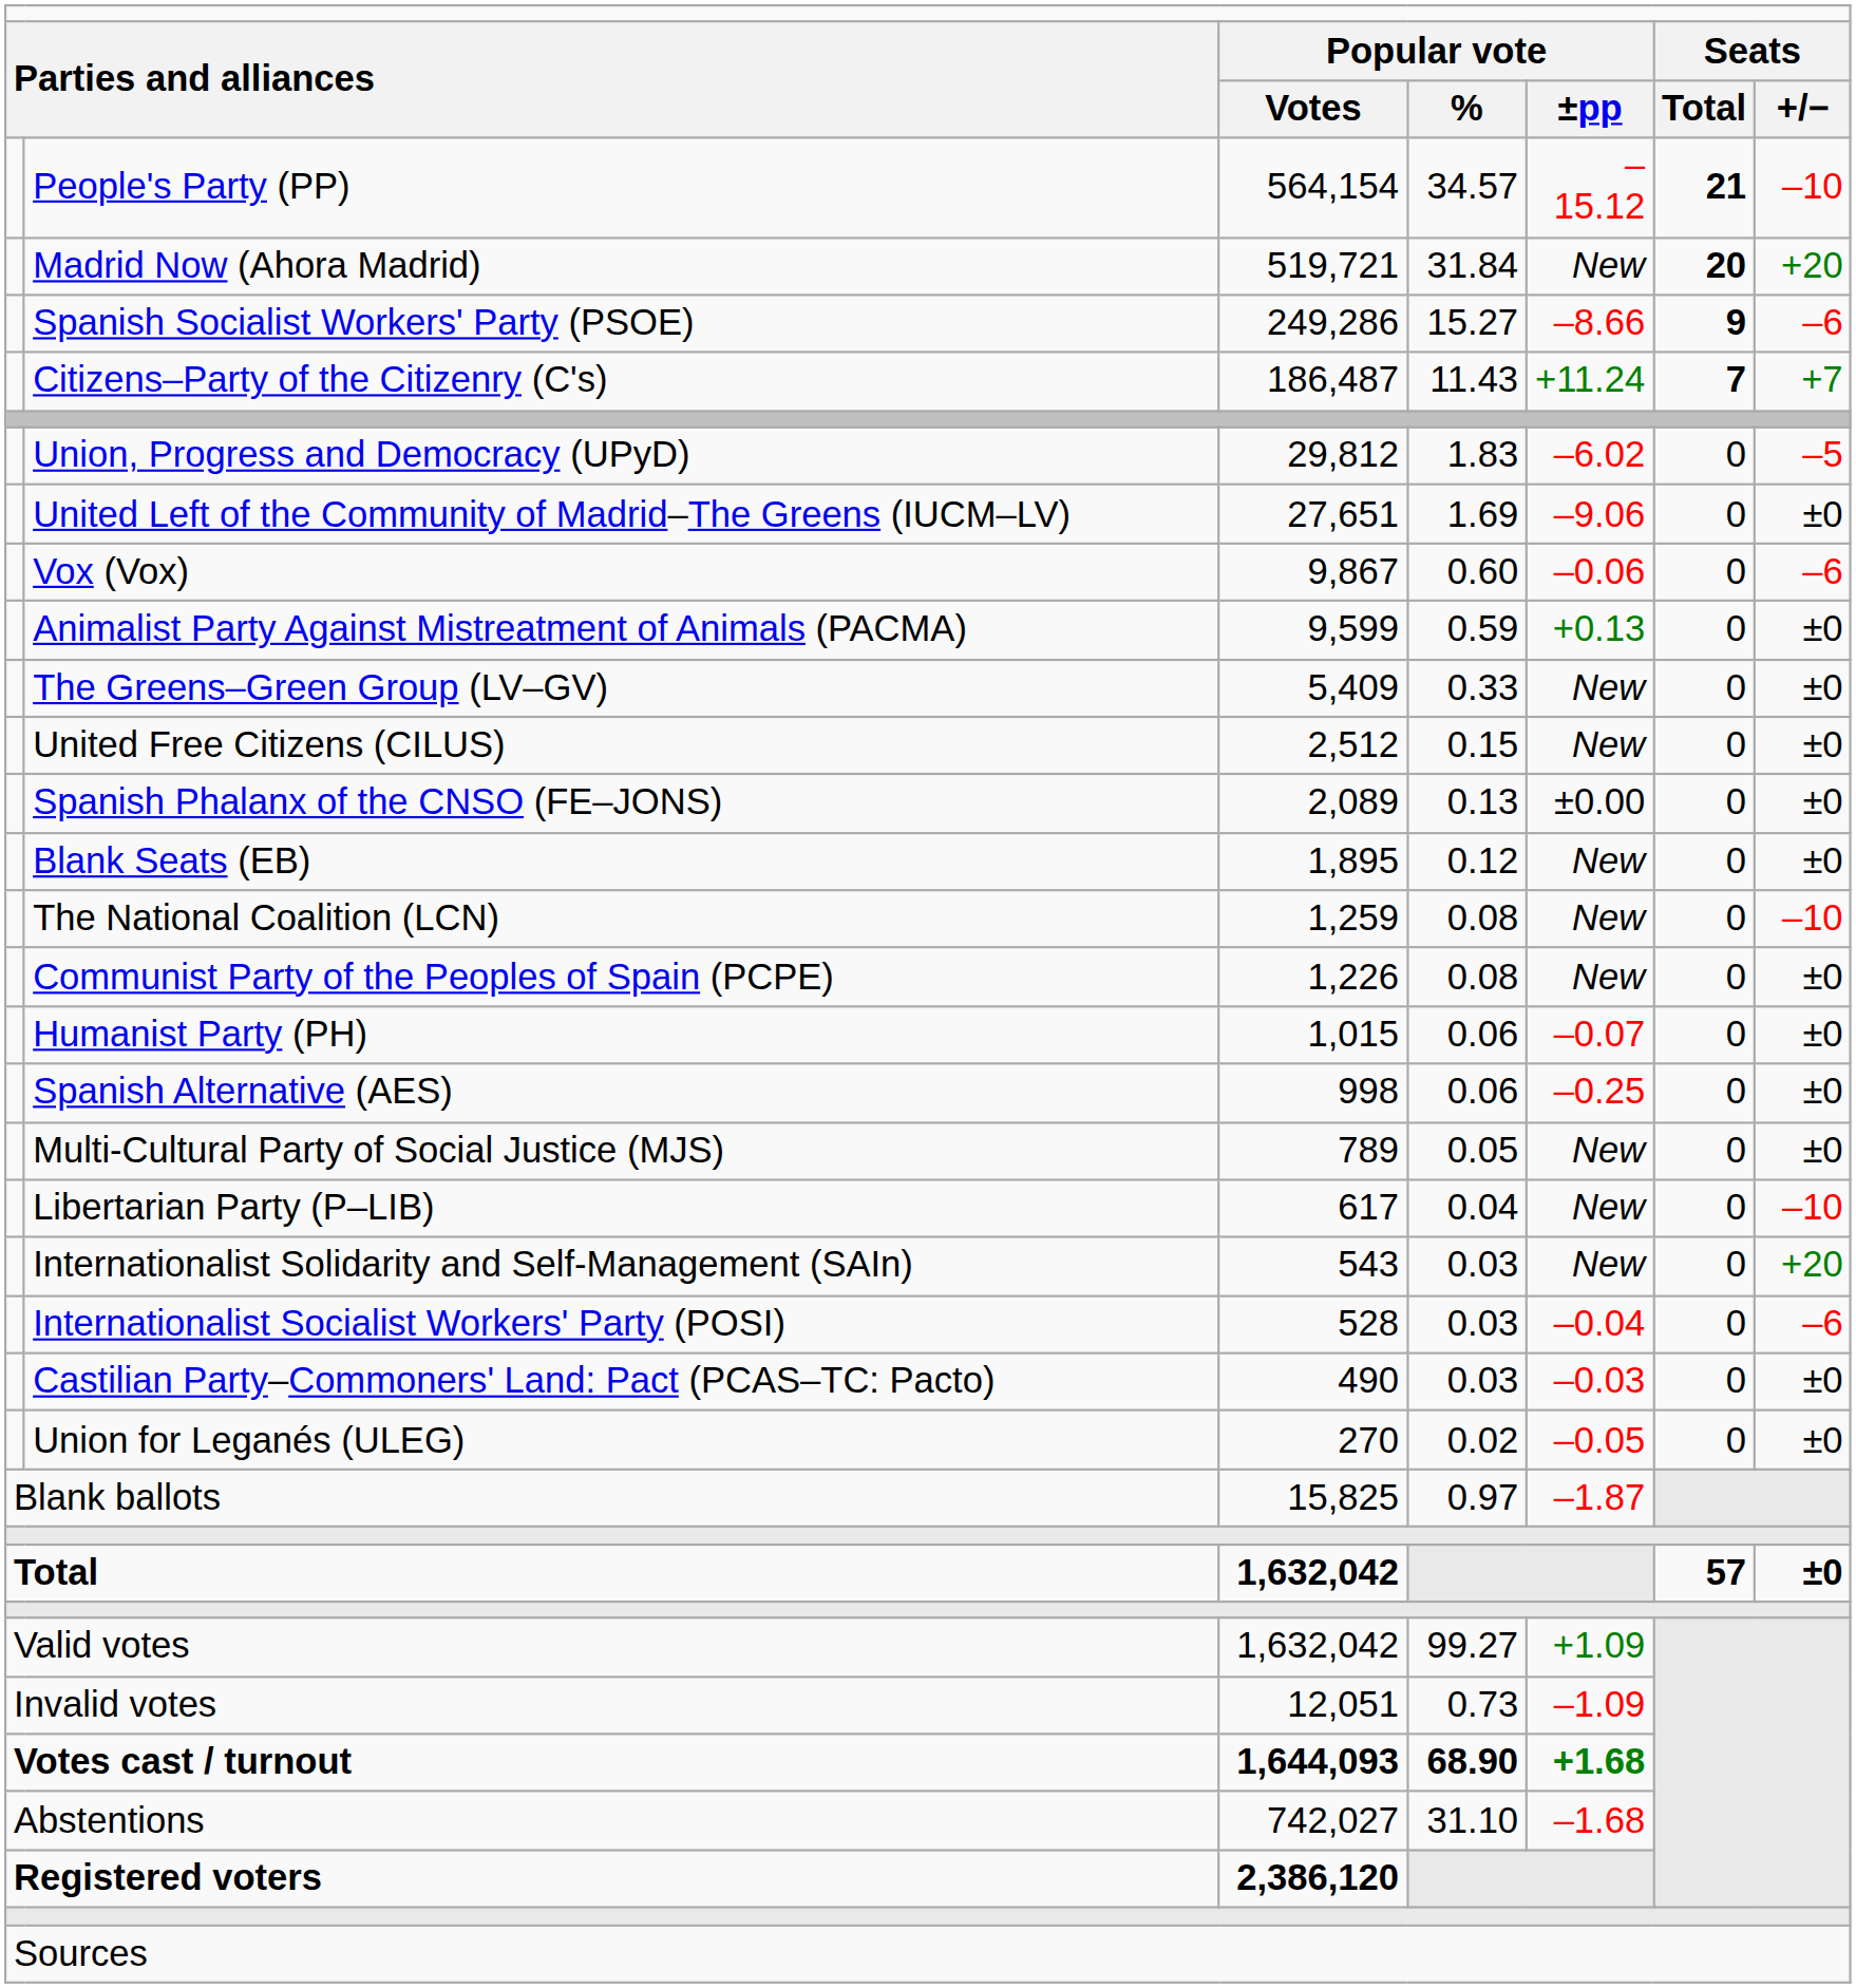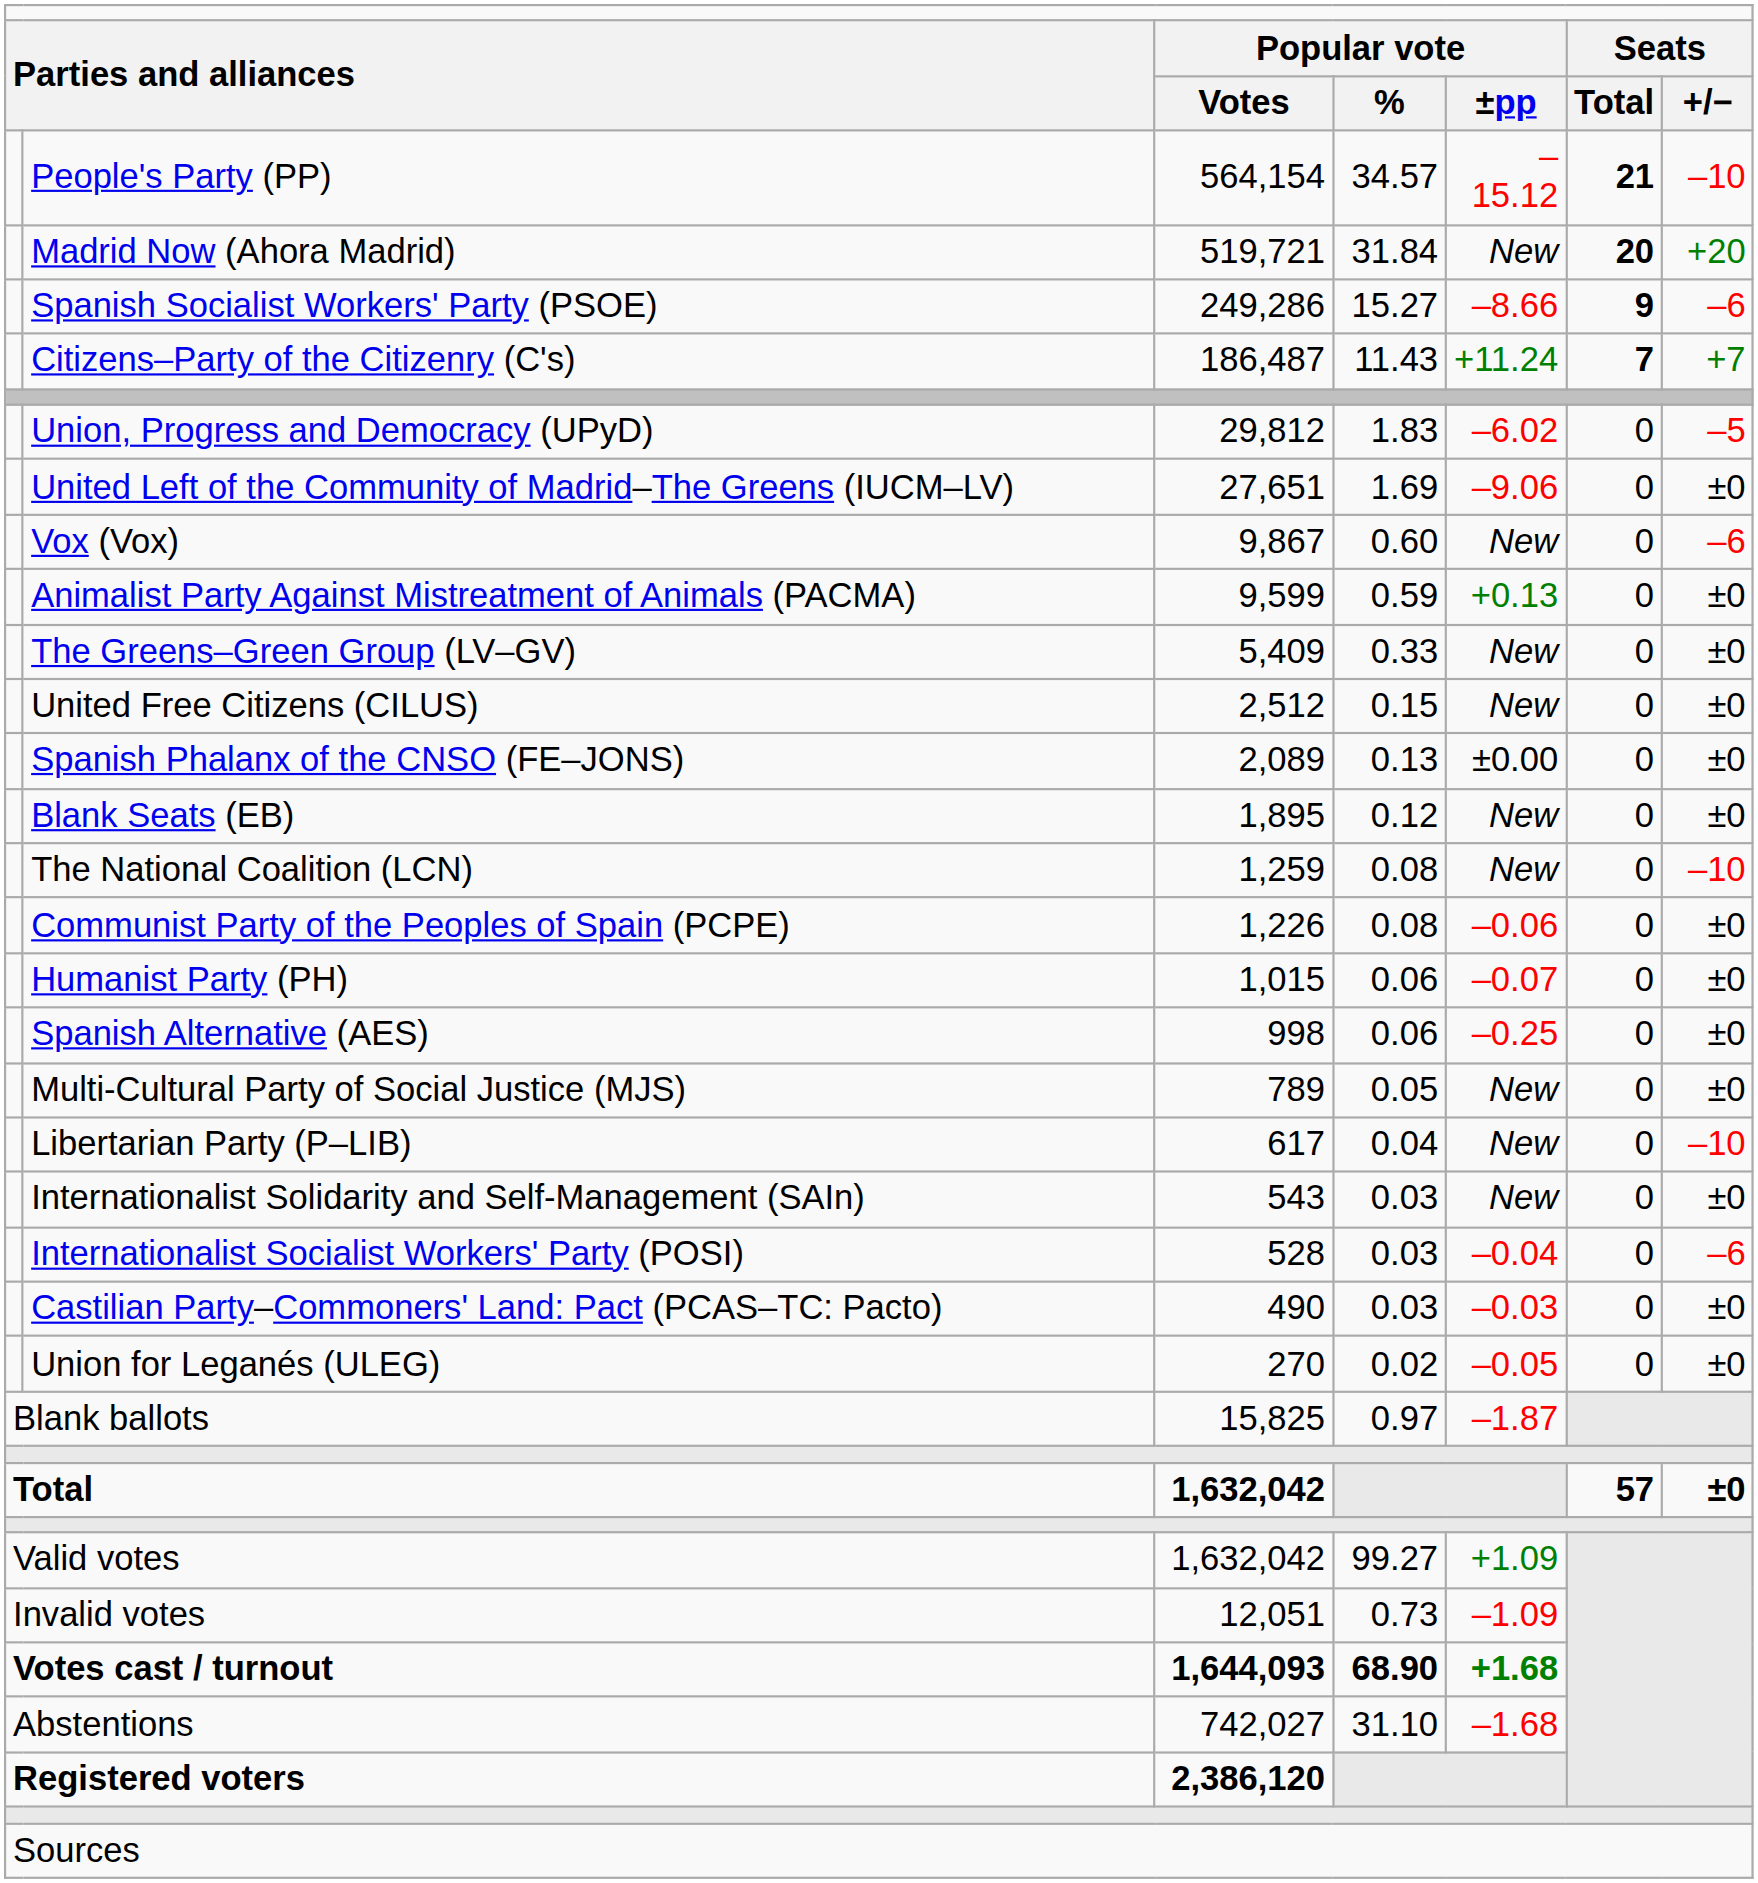 <table class="wikitable" style="text-align:right;">
 <tr>
 <td colspan="7"></td>
 </tr>
 <tr>
 <th style="text-align:left;" rowspan="2" colspan="2" width="525">Parties and alliances</th>
 <th colspan="3">Popular vote</th>
 <th colspan="2">Seats</th>
 </tr>
 <tr>
 <th width="75">Votes</th>
 <th width="45">%</th>
 <th width="45">±<a href='#'>pp</a></th>
 <th width="35">Total</th>
 <th width="35">+/−</th>
 </tr>
 <tr>
 <td width="1" style="color:inherit;background:"></td>
 <td align="left"><a href='#'>People's Party</a> (PP)</td>
 <td>564,154</td>
 <td>34.57</td>
 <td style="color:red;">–15.12</td>
 <td><strong>21</strong></td>
 <td style="color:red;">–10</td>
 </tr>
 <tr>
 <td style="color:inherit;background:"></td>
 <td align="left"><a href='#'>Madrid Now</a> (Ahora Madrid)</td>
 <td>519,721</td>
 <td>31.84</td>
 <td><em>New</em></td>
 <td><strong>20</strong></td>
 <td style="color:green;">+20</td>
 </tr>
 <tr>
 <td style="color:inherit;background:"></td>
 <td align="left"><a href='#'>Spanish Socialist Workers' Party</a> (PSOE)</td>
 <td>249,286</td>
 <td>15.27</td>
 <td style="color:red;">–8.66</td>
 <td><strong>9</strong></td>
 <td style="color:red;">–6</td>
 </tr>
 <tr>
 <td style="color:inherit;background:"></td>
 <td align="left"><a href='#'>Citizens–Party of the Citizenry</a> (C's)</td>
 <td>186,487</td>
 <td>11.43</td>
 <td style="color:green;">+11.24</td>
 <td><strong>7</strong></td>
 <td style="color:green;">+7</td>
 </tr>
 <tr>
 <td colspan="7" bgcolor="#C0C0C0"></td>
 </tr>
 <tr>
 <td style="color:inherit;background:"></td>
 <td align="left"><a href='#'>Union, Progress and Democracy</a> (UPyD)</td>
 <td>29,812</td>
 <td>1.83</td>
 <td style="color:red;">–6.02</td>
 <td>0</td>
 <td style="color:red;">–5</td>
 </tr>
 <tr>
 <td style="color:inherit;background:"></td>
 <td align="left"><a href='#'>United Left of the Community of Madrid</a>–<a href='#'>The Greens</a> (IUCM–LV)</td>
 <td>27,651</td>
 <td>1.69</td>
 <td style="color:red;">–9.06</td>
 <td>0</td>
 <td>±0</td>
 </tr>
 <tr>
 <td style="color:inherit;background:"></td>
 <td align="left"><a href='#'>Vox</a> (Vox)</td>
 <td>9,867</td>
 <td>0.60</td>
-<td style="color:red;">–0.06</td>
+<td><em>New</em></td>
 <td>0</td>
 <td style="color:red;">–6</td>
 </tr>
 <tr>
 <td style="color:inherit;background:"></td>
 <td align="left"><a href='#'>Animalist Party Against Mistreatment of Animals</a> (PACMA)</td>
 <td>9,599</td>
 <td>0.59</td>
 <td style="color:green;">+0.13</td>
 <td>0</td>
 <td>±0</td>
 </tr>
 <tr>
 <td style="color:inherit;background:"></td>
 <td align="left"><a href='#'>The Greens–Green Group</a> (LV–GV)</td>
 <td>5,409</td>
 <td>0.33</td>
 <td><em>New</em></td>
 <td>0</td>
 <td>±0</td>
 </tr>
 <tr>
 <td style="color:inherit;background:"></td>
 <td align="left">United Free Citizens (CILUS)</td>
 <td>2,512</td>
 <td>0.15</td>
 <td><em>New</em></td>
 <td>0</td>
 <td>±0</td>
 </tr>
 <tr>
 <td style="color:inherit;background:"></td>
 <td align="left"><a href='#'>Spanish Phalanx of the CNSO</a> (FE–JONS)</td>
 <td>2,089</td>
 <td>0.13</td>
 <td>±0.00</td>
 <td>0</td>
 <td>±0</td>
 </tr>
 <tr>
 <td style="color:inherit;background:"></td>
 <td align="left"><a href='#'>Blank Seats</a> (EB)</td>
 <td>1,895</td>
 <td>0.12</td>
 <td><em>New</em></td>
 <td>0</td>
 <td>±0</td>
 </tr>
 <tr>
 <td style="color:inherit;background:"></td>
 <td align="left">The National Coalition (LCN)</td>
 <td>1,259</td>
 <td>0.08</td>
 <td><em>New</em></td>
 <td>0</td>
 <td style="color:red;">–10</td>
 </tr>
 <tr>
 <td style="color:inherit;background:"></td>
 <td align="left"><a href='#'>Communist Party of the Peoples of Spain</a> (PCPE)</td>
 <td>1,226</td>
 <td>0.08</td>
-<td><em>New</em></td>
+<td style="color:red;">–0.06</td>
 <td>0</td>
 <td>±0</td>
 </tr>
 <tr>
 <td style="color:inherit;background:"></td>
 <td align="left"><a href='#'>Humanist Party</a> (PH)</td>
 <td>1,015</td>
 <td>0.06</td>
 <td style="color:red;">–0.07</td>
 <td>0</td>
 <td>±0</td>
 </tr>
 <tr>
 <td style="color:inherit;background:"></td>
 <td align="left"><a href='#'>Spanish Alternative</a> (AES)</td>
 <td>998</td>
 <td>0.06</td>
 <td style="color:red;">–0.25</td>
 <td>0</td>
 <td>±0</td>
 </tr>
 <tr>
 <td style="color:inherit;background:"></td>
 <td align="left">Multi-Cultural Party of Social Justice (MJS)</td>
 <td>789</td>
 <td>0.05</td>
 <td><em>New</em></td>
 <td>0</td>
 <td>±0</td>
 </tr>
 <tr>
 <td style="color:inherit;background:"></td>
 <td align="left">Libertarian Party (P–LIB)</td>
 <td>617</td>
 <td>0.04</td>
 <td><em>New</em></td>
 <td>0</td>
 <td style="color:red;">–10</td>
 </tr>
 <tr>
 <td style="color:inherit;background:"></td>
 <td align="left">Internationalist Solidarity and Self-Management (SAIn)</td>
 <td>543</td>
 <td>0.03</td>
 <td><em>New</em></td>
 <td>0</td>
-<td style="color:green;">+20</td>
+<td>±0</td>
 </tr>
 <tr>
 <td style="color:inherit;background:"></td>
 <td align="left"><a href='#'>Internationalist Socialist Workers' Party</a> (POSI)</td>
 <td>528</td>
 <td>0.03</td>
 <td style="color:red;">–0.04</td>
 <td>0</td>
 <td style="color:red;">–6</td>
 </tr>
 <tr>
 <td style="color:inherit;background:"></td>
 <td align="left"><a href='#'>Castilian Party</a>–<a href='#'>Commoners' Land: Pact</a> (PCAS–TC: Pacto)</td>
 <td>490</td>
 <td>0.03</td>
 <td style="color:red;">–0.03</td>
 <td>0</td>
 <td>±0</td>
 </tr>
 <tr>
 <td style="color:inherit;background:"></td>
 <td align="left">Union for Leganés (ULEG)</td>
 <td>270</td>
 <td>0.02</td>
 <td style="color:red;">–0.05</td>
 <td>0</td>
 <td>±0</td>
 </tr>
 <tr>
 <td align="left" colspan="2">Blank ballots</td>
 <td>15,825</td>
 <td>0.97</td>
 <td style="color:red;">–1.87</td>
 <td bgcolor="#E9E9E9" colspan="2"></td>
 </tr>
 <tr>
 <td colspan="7" bgcolor="#E9E9E9"></td>
 </tr>
 <tr style="font-weight:bold;">
 <td align="left" colspan="2">Total</td>
 <td>1,632,042</td>
 <td bgcolor="#E9E9E9" colspan="2"></td>
 <td>57</td>
 <td>±0</td>
 </tr>
 <tr>
 <td colspan="7" bgcolor="#E9E9E9"></td>
 </tr>
 <tr>
 <td align="left" colspan="2">Valid votes</td>
 <td>1,632,042</td>
 <td>99.27</td>
 <td style="color:green;">+1.09</td>
 <td bgcolor="#E9E9E9" colspan="2" rowspan="5"></td>
 </tr>
 <tr>
 <td align="left" colspan="2">Invalid votes</td>
 <td>12,051</td>
 <td>0.73</td>
 <td style="color:red;">–1.09</td>
 </tr>
 <tr style="font-weight:bold;">
 <td align="left" colspan="2">Votes cast / turnout</td>
 <td>1,644,093</td>
 <td>68.90</td>
 <td style="color:green;">+1.68</td>
 </tr>
 <tr>
 <td align="left" colspan="2">Abstentions</td>
 <td>742,027</td>
 <td>31.10</td>
 <td style="color:red;">–1.68</td>
 </tr>
 <tr style="font-weight:bold;">
 <td align="left" colspan="2">Registered voters</td>
 <td>2,386,120</td>
 <td bgcolor="#E9E9E9" colspan="2"></td>
 </tr>
 <tr>
 <td colspan="7" bgcolor="#E9E9E9"></td>
 </tr>
 <tr>
 <td align="left" colspan="7">Sources</td>
 </tr>
 </table>
